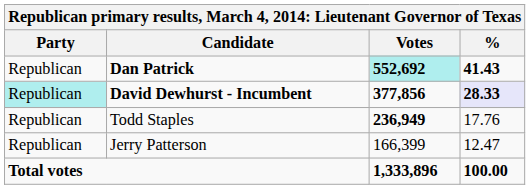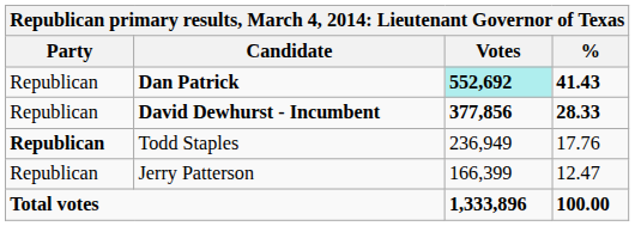 <table class="wikitable">
 <tr>
 <th colspan="4">Republican primary results, March 4, 2014: Lieutenant Governor of Texas</th>
 </tr>
 <tr>
 <th>Party</th>
 <th>Candidate</th>
 <th>Votes</th>
 <th>%</th>
 </tr>
 <tr>
 <td>Republican</td>
 <td><strong>Dan Patrick</strong></td>
 <td style="background: paleturquoise;"><strong>552,692</strong></td>
 <td><strong>41.43</strong></td>
 </tr>
 <tr>
-<td style="background: paleturquoise;">Republican</td>
+<td>Republican</td>
 <td><strong>David Dewhurst - Incumbent</strong></td>
 <td><strong>377,856</strong></td>
-<td style="background: lavender;"><strong>28.33</strong></td>
+<td><strong>28.33</strong></td>
 </tr>
 <tr>
-<td>Republican</td>
+<td><strong>Republican</strong></td>
 <td>Todd Staples</td>
-<td><strong>236,949</strong></td>
+<td>236,949</td>
 <td>17.76</td>
 </tr>
 <tr>
 <td>Republican</td>
 <td>Jerry Patterson</td>
 <td>166,399</td>
 <td>12.47</td>
 </tr>
 <tr>
 <td colspan="2"><strong>Total votes</strong></td>
 <td><strong>1,333,896</strong></td>
 <td><strong>100.00</strong></td>
 </tr>
 </table>
